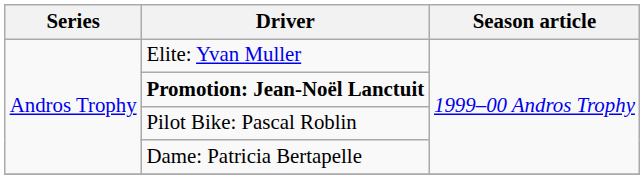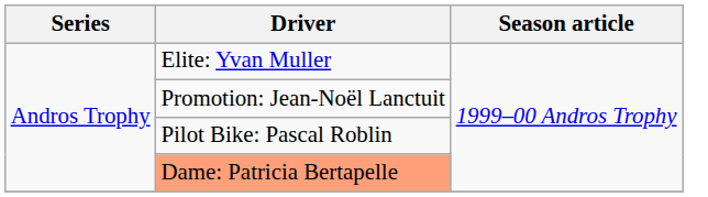 <table class="wikitable" style="font-size: 87%;">
 <tr>
 <th>Series</th>
 <th>Driver</th>
 <th>Season article</th>
 </tr>
 <tr>
 <td rowspan=4><a href='#'>Andros Trophy</a></td>
 <td>Elite:  <a href='#'>Yvan Muller</a></td>
 <td rowspan=4><em><a href='#'>1999–00 Andros Trophy</a></em></td>
 </tr>
 <tr>
-<td><strong>Promotion:  Jean-Noël Lanctuit</strong></td>
+<td>Promotion:  Jean-Noël Lanctuit</td>
 </tr>
 <tr>
 <td>Pilot Bike:  Pascal Roblin</td>
 </tr>
 <tr>
-<td>Dame:  Patricia Bertapelle</td>
+<td style="background: lightsalmon;">Dame:  Patricia Bertapelle</td>
 </tr>
 <tr>
 </tr>
 </table>
